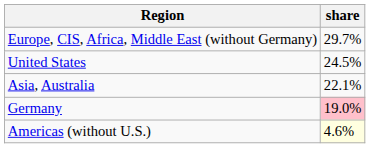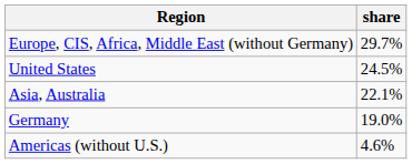 <table class="wikitable floatright">
 <tr>
 <th>Region</th>
 <th>share</th>
 </tr>
 <tr>
 <td><a href='#'>Europe</a>, <a href='#'>CIS</a>, <a href='#'>Africa</a>, <a href='#'>Middle East</a> (without Germany)</td>
 <td>29.7%</td>
 </tr>
 <tr>
 <td><a href='#'>United States</a></td>
 <td>24.5%</td>
 </tr>
 <tr>
 <td><a href='#'>Asia</a>, <a href='#'>Australia</a></td>
 <td>22.1%</td>
 </tr>
 <tr>
 <td><a href='#'>Germany</a></td>
-<td style="background: pink;">19.0%</td>
+<td>19.0%</td>
 </tr>
 <tr>
 <td><a href='#'>Americas</a> (without U.S.)</td>
-<td style="background: lightyellow;">4.6%</td>
+<td>4.6%</td>
 </tr>
 </table>
